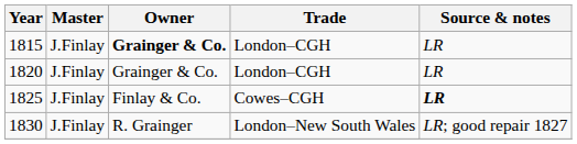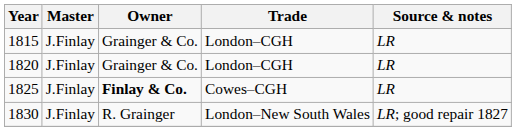 <table class="sortable wikitable">
 <tr>
 <th>Year</th>
 <th>Master</th>
 <th>Owner</th>
 <th>Trade</th>
 <th>Source & notes</th>
 </tr>
 <tr>
 <td>1815</td>
 <td>J.Finlay</td>
-<td><strong>Grainger & Co.</strong></td>
+<td>Grainger & Co.</td>
 <td>London–CGH</td>
 <td><em>LR</em></td>
 </tr>
 <tr>
 <td>1820</td>
 <td>J.Finlay</td>
 <td>Grainger & Co.</td>
 <td>London–CGH</td>
 <td><em>LR</em></td>
 </tr>
 <tr>
 <td>1825</td>
 <td>J.Finlay</td>
-<td>Finlay & Co.</td>
+<td><strong>Finlay & Co.</strong></td>
 <td>Cowes–CGH</td>
-<td><strong><em>LR</em></strong></td>
+<td><em>LR</em></td>
 </tr>
 <tr>
 <td>1830</td>
 <td>J.Finlay</td>
 <td>R. Grainger</td>
 <td>London–New South Wales</td>
 <td><em>LR</em>; good repair 1827</td>
 </tr>
 <tr>
 </tr>
 </table>
